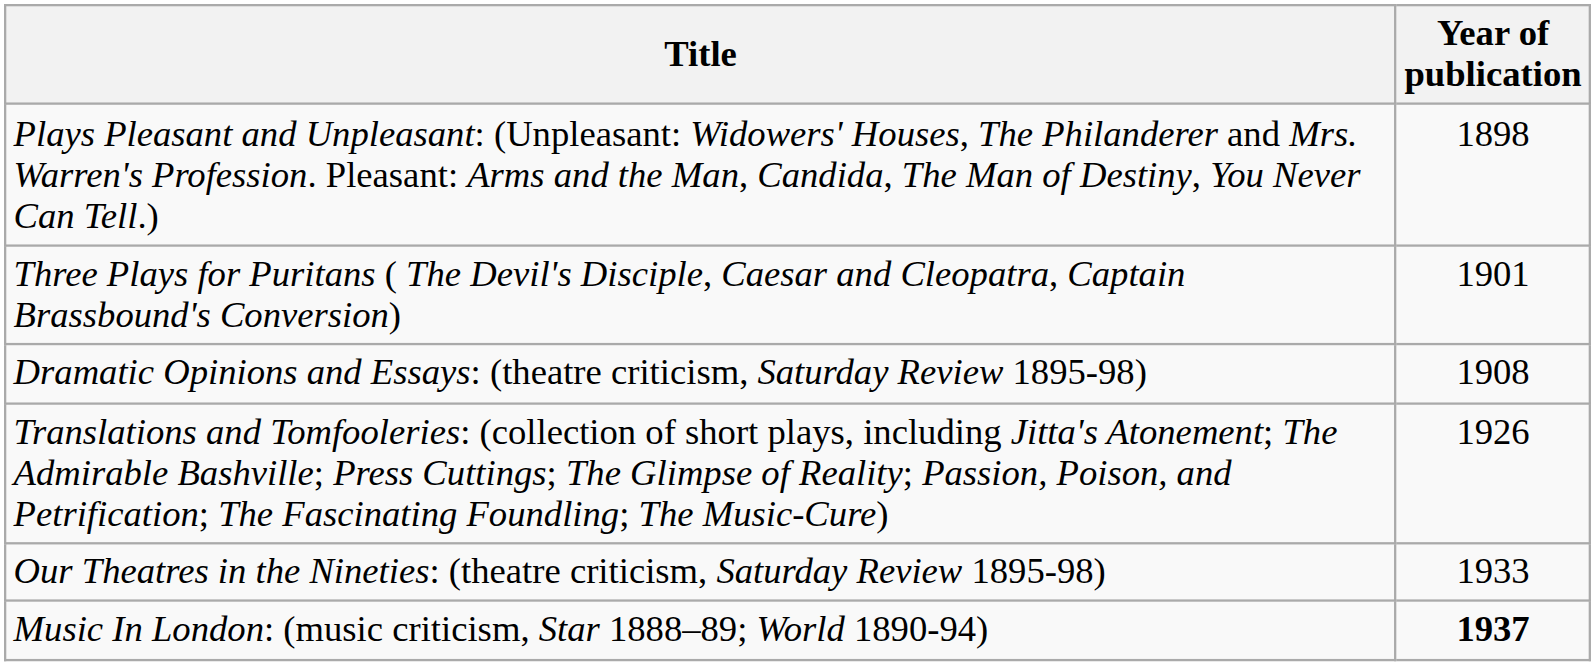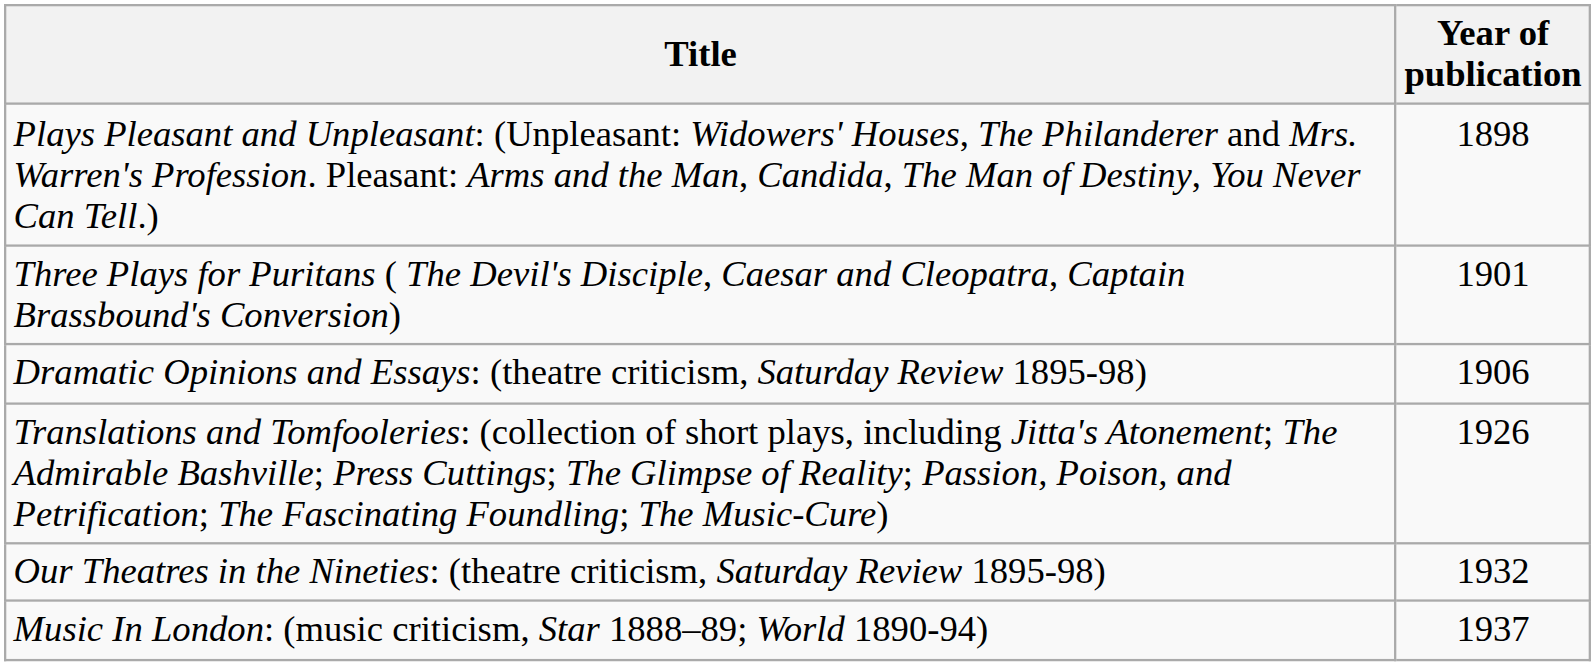 <table class="sortable wikitable">
 <tr>
 <th width="600">Title</th>
 <th width="60">Year of publication</th>
 </tr>
 <tr valign="top">
 <td><em>Plays Pleasant and Unpleasant</em>: (Unpleasant: <em>Widowers' Houses</em>, <em>The Philanderer</em> and <em>Mrs. Warren's Profession</em>. Pleasant: <em>Arms and the Man</em>, <em>Candida</em>, <em>The Man of Destiny</em>, <em>You Never Can Tell</em>.)</td>
 <td align= "center">1898</td>
 </tr>
 <tr valign="top">
 <td><em>Three Plays for Puritans</em> ( <em>The Devil's Disciple</em>, <em>Caesar and Cleopatra</em>, <em>Captain Brassbound's Conversion</em>)</td>
 <td align= "center">1901</td>
 </tr>
 <tr valign="top">
 <td><em>Dramatic Opinions and Essays</em>: (theatre criticism, <em>Saturday Review</em> 1895-98)</td>
-<td align= "center">1908</td>
+<td align= "center">1906</td>
 </tr>
 <tr valign="top">
 <td><em>Translations and Tomfooleries</em>: (collection of short plays, including <em>Jitta's Atonement</em>; <em>The Admirable Bashville</em>; <em>Press Cuttings</em>; <em>The Glimpse of Reality</em>; <em>Passion, Poison, and Petrification</em>; <em>The Fascinating Foundling</em>; <em> The Music-Cure</em>)</td>
 <td align= "center">1926</td>
 </tr>
 <tr valign="top">
 <td><em>Our Theatres in the Nineties</em>: (theatre criticism, <em>Saturday Review</em> 1895-98)</td>
-<td align= "center">1933</td>
+<td align= "center">1932</td>
 </tr>
 <tr valign="top">
 <td><em>Music In London</em>: (music criticism, <em>Star</em> 1888–89; <em>World</em> 1890-94)</td>
-<td align= "center"><strong>1937</strong></td>
+<td align= "center">1937</td>
 </tr>
 </table>
